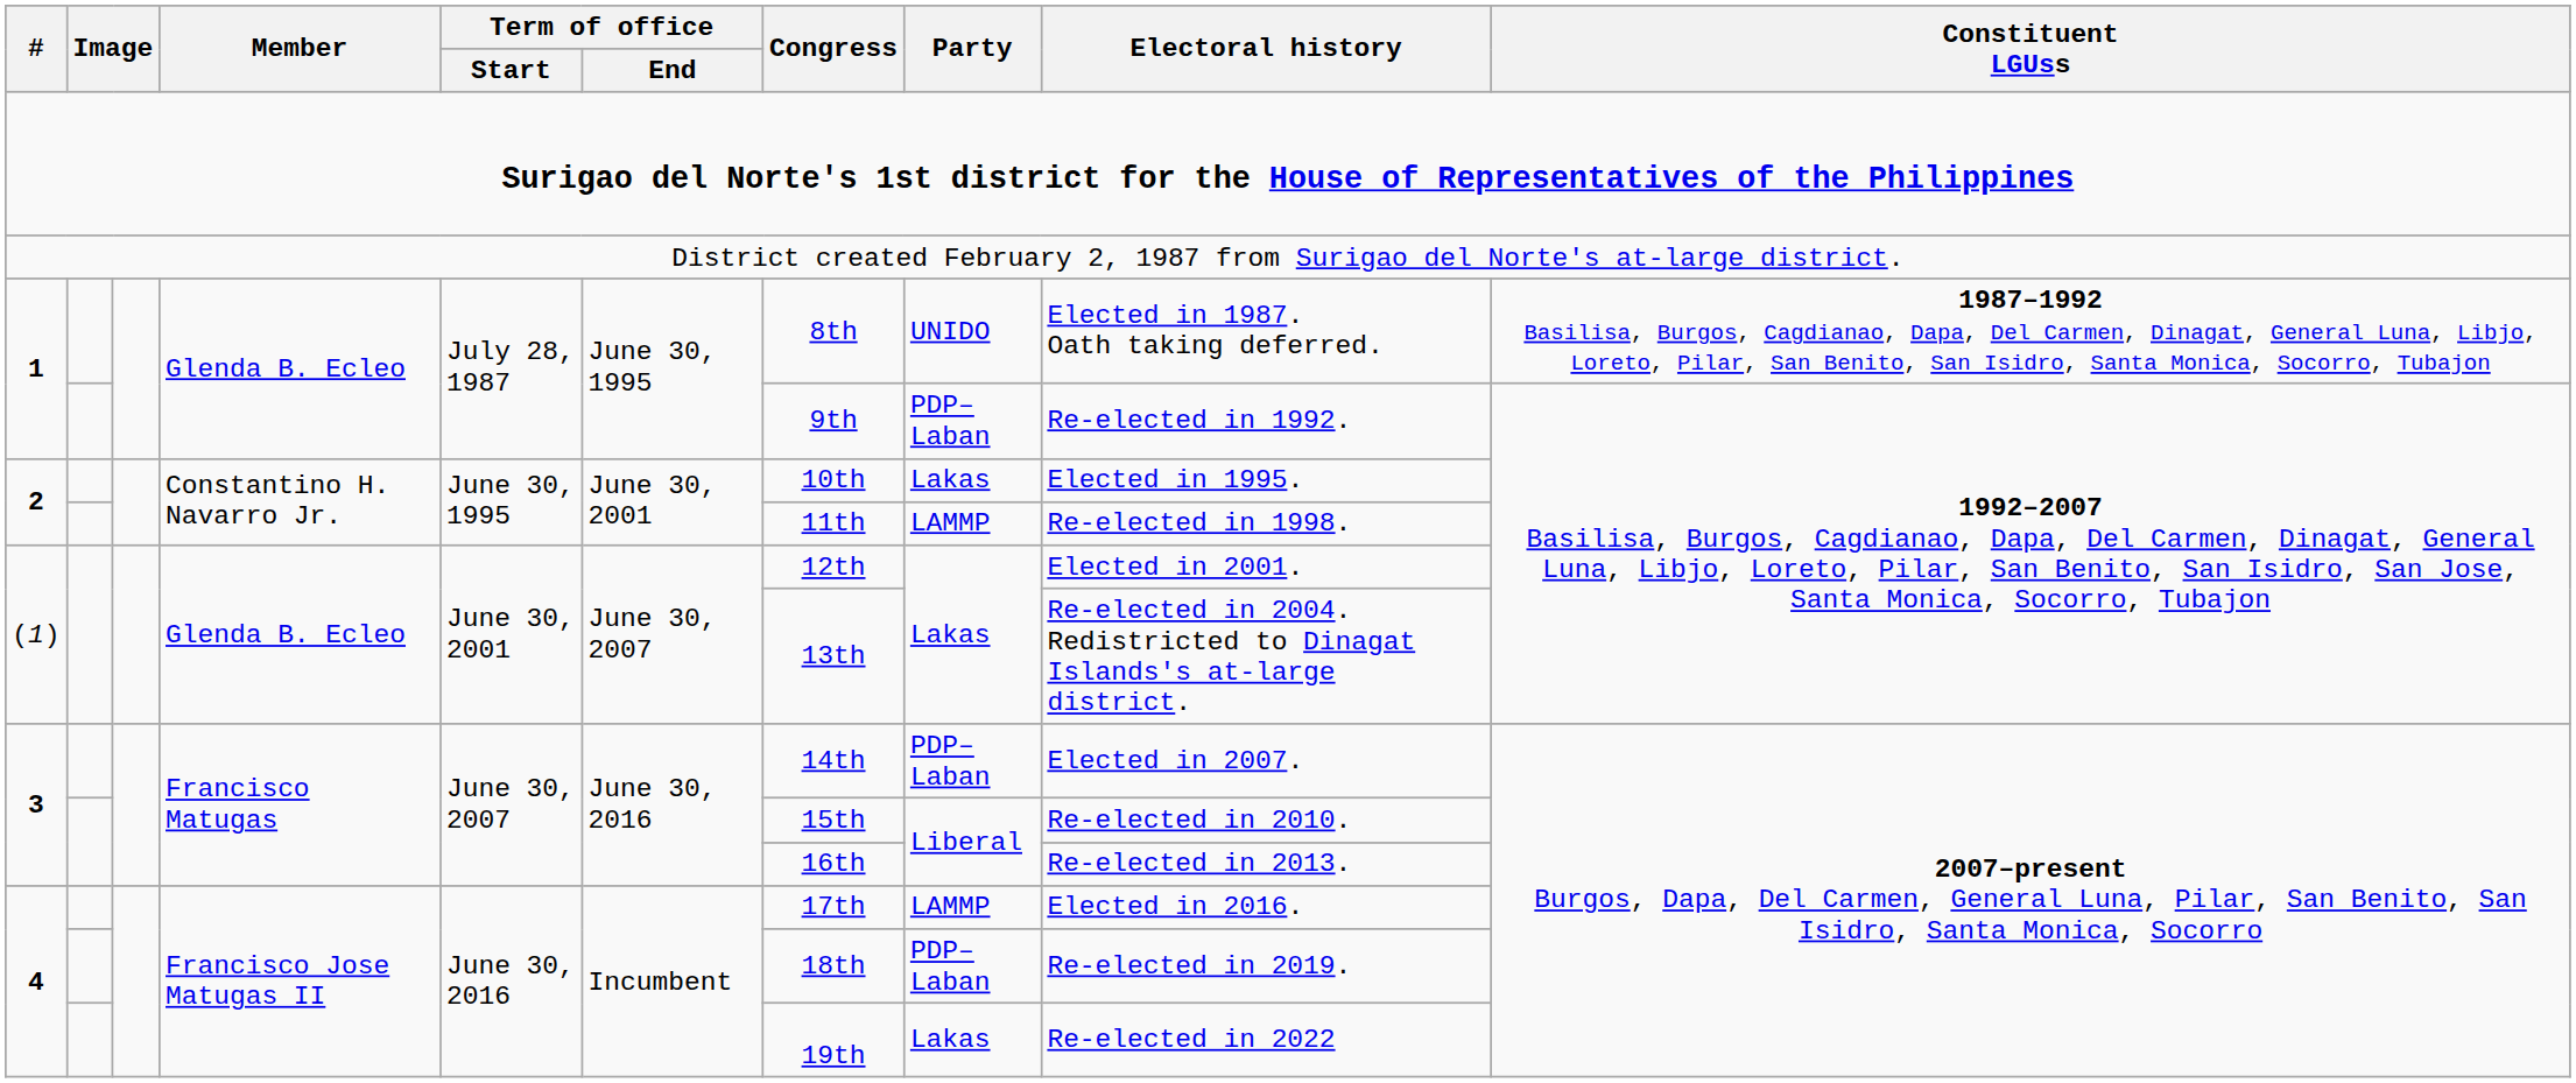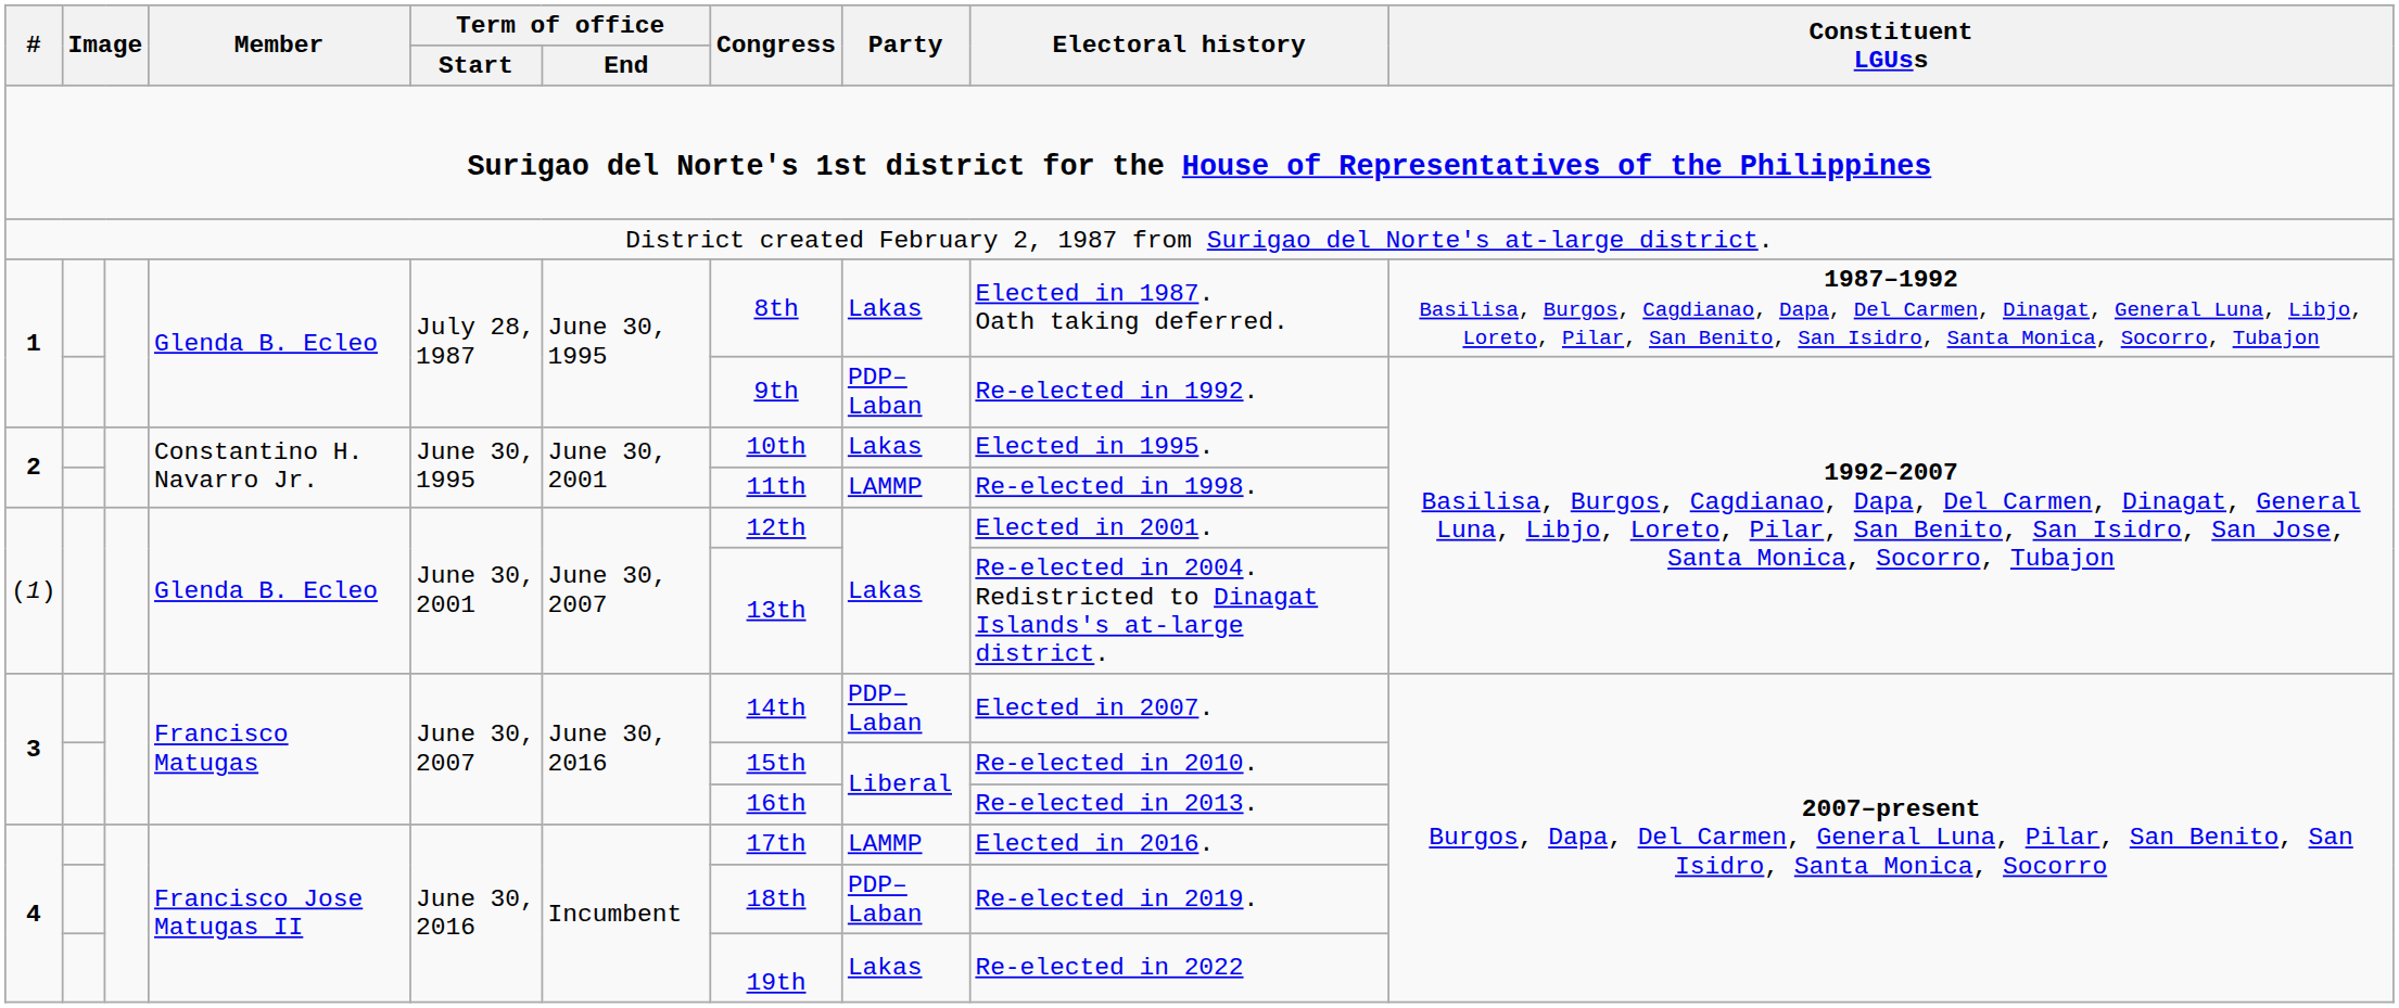 <table class=wikitable>
 <tr>
 <th rowspan="2">#</th>
 <th rowspan="2" colspan=2>Image</th>
 <th rowspan="2">Member</th>
 <th colspan=2>Term of office</th>
 <th rowspan="2">Congress</th>
 <th rowspan="2">Party</th>
 <th rowspan="2">Electoral history</th>
 <th rowspan="2">Constituent<br><a href='#'>LGUs</a>s</th>
 </tr>
 <tr>
 <th>Start</th>
 <th>End</th>
 </tr>
 <tr>
 <td colspan="10" style="text-align:center;"><br><h3>Surigao del Norte's 1st district for the <a href='#'>House of Representatives of the Philippines</a></h3></td>
 </tr>
 <tr>
 <td colspan="10" style="text-align:center;">District created February 2, 1987 from <a href='#'>Surigao del Norte's at-large district</a>.</td>
 </tr>
 <tr>
 <td rowspan="2" style="text-align:center;"><strong>1</strong></td>
 <td style="color:inherit;background:"></td>
 <td rowspan="2"></td>
 <td rowspan="2"><a href='#'>Glenda B. Ecleo</a></td>
 <td rowspan="2">July 28, 1987</td>
 <td rowspan="2">June 30, 1995</td>
 <td style="text-align:center;"><a href='#'>8th</a></td>
-<td><a href='#'>UNIDO</a></td>
+<td><a href='#'>Lakas</a></td>
 <td><a href='#'>Elected in 1987</a>.<br>Oath taking deferred.</td>
 <td style="text-align:center;"><strong>1987–1992</strong><br><small><a href='#'>Basilisa</a>, <a href='#'>Burgos</a>, <a href='#'>Cagdianao</a>, <a href='#'>Dapa</a>, <a href='#'>Del Carmen</a>, <a href='#'>Dinagat</a>, <a href='#'>General Luna</a>, <a href='#'>Libjo</a>, <a href='#'>Loreto</a>, <a href='#'>Pilar</a>, <a href='#'>San Benito</a>, <a href='#'>San Isidro</a>, <a href='#'>Santa Monica</a>, <a href='#'>Socorro</a>, <a href='#'>Tubajon</a></small></td>
 </tr>
 <tr>
 <td style="color:inherit;background:"></td>
 <td style="text-align:center;"><a href='#'>9th</a></td>
 <td><a href='#'>PDP–Laban</a></td>
 <td><a href='#'>Re-elected in 1992</a>.</td>
 <td rowspan="5" style="text-align:center;"><strong>1992–2007</strong><br><a href='#'>Basilisa</a>, <a href='#'>Burgos</a>, <a href='#'>Cagdianao</a>, <a href='#'>Dapa</a>, <a href='#'>Del Carmen</a>, <a href='#'>Dinagat</a>, <a href='#'>General Luna</a>, <a href='#'>Libjo</a>, <a href='#'>Loreto</a>, <a href='#'>Pilar</a>, <a href='#'>San Benito</a>, <a href='#'>San Isidro</a>, <a href='#'>San Jose</a>, <a href='#'>Santa Monica</a>, <a href='#'>Socorro</a>, <a href='#'>Tubajon</a></td>
 </tr>
 <tr>
 <td rowspan="2" style="text-align:center;"><strong>2</strong></td>
 <td style="color:inherit;background:"></td>
 <td rowspan="2"></td>
 <td rowspan="2">Constantino H. Navarro Jr.</td>
 <td rowspan="2">June 30, 1995</td>
 <td rowspan="2">June 30, 2001</td>
 <td style="text-align:center;"><a href='#'>10th</a></td>
 <td><a href='#'>Lakas</a></td>
 <td><a href='#'>Elected in 1995</a>.</td>
 </tr>
 <tr>
 <td style="color:inherit;background:"></td>
 <td style="text-align:center;"><a href='#'>11th</a></td>
 <td><a href='#'>LAMMP</a></td>
 <td><a href='#'>Re-elected in 1998</a>.</td>
 </tr>
 <tr>
 <td rowspan="2" style="text-align:center;">(<em>1</em>)</td>
 <td rowspan="2" style="color:inherit;background:"></td>
 <td rowspan="2"></td>
 <td rowspan="2"><a href='#'>Glenda B. Ecleo</a></td>
 <td rowspan="2">June 30, 2001</td>
 <td rowspan="2">June 30, 2007</td>
 <td style="text-align:center;"><a href='#'>12th</a></td>
 <td rowspan="2"><a href='#'>Lakas</a></td>
 <td><a href='#'>Elected in 2001</a>.</td>
 </tr>
 <tr>
 <td style="text-align:center;"><a href='#'>13th</a></td>
 <td><a href='#'>Re-elected in 2004</a>.<br>Redistricted to <a href='#'>Dinagat Islands's at-large district</a>.</td>
 </tr>
 <tr>
 <td rowspan="3" style="text-align:center;"><strong>3</strong></td>
 <td style="color:inherit;background:"></td>
 <td rowspan="3"></td>
 <td rowspan="3"><a href='#'>Francisco Matugas</a></td>
 <td rowspan="3">June 30, 2007</td>
 <td rowspan="3">June 30, 2016</td>
 <td style="text-align:center;"><a href='#'>14th</a></td>
 <td><a href='#'>PDP–Laban</a></td>
 <td><a href='#'>Elected in 2007</a>.</td>
 <td rowspan="6" style="text-align:center;"><strong>2007–present</strong><br><a href='#'>Burgos</a>, <a href='#'>Dapa</a>, <a href='#'>Del Carmen</a>, <a href='#'>General Luna</a>, <a href='#'>Pilar</a>, <a href='#'>San Benito</a>, <a href='#'>San Isidro</a>, <a href='#'>Santa Monica</a>, <a href='#'>Socorro</a></td>
 </tr>
 <tr>
 <td rowspan="2" style="color:inherit;background:"></td>
 <td style="text-align:center;"><a href='#'>15th</a></td>
 <td rowspan="2"><a href='#'>Liberal</a></td>
 <td><a href='#'>Re-elected in 2010</a>.</td>
 </tr>
 <tr>
 <td style="text-align:center;"><a href='#'>16th</a></td>
 <td><a href='#'>Re-elected in 2013</a>.</td>
 </tr>
 <tr>
 <td rowspan="3" style="text-align:center;"><strong>4</strong></td>
 <td style="color:inherit;background:"></td>
 <td rowspan="3"></td>
 <td rowspan="3"><a href='#'>Francisco Jose Matugas II</a></td>
 <td rowspan="3">June 30, 2016</td>
 <td rowspan="3">Incumbent</td>
 <td style="text-align:center;"><a href='#'>17th</a></td>
 <td><a href='#'>LAMMP</a></td>
 <td><a href='#'>Elected in 2016</a>.</td>
 </tr>
 <tr>
 <td style="color:inherit;background:"></td>
 <td style="text-align:center;"><a href='#'>18th</a></td>
 <td><a href='#'>PDP–Laban</a></td>
 <td><a href='#'>Re-elected in 2019</a>.</td>
 </tr>
 <tr>
 <td style="color:inherit;background:"></td>
 <td style="text-align:center;"><br><a href='#'>19th</a></td>
 <td><a href='#'>Lakas</a></td>
 <td><a href='#'>Re-elected in 2022</a></td>
 </tr>
 </table>
